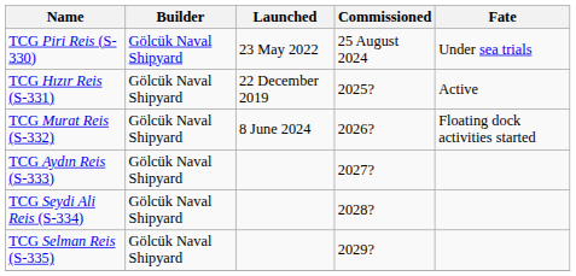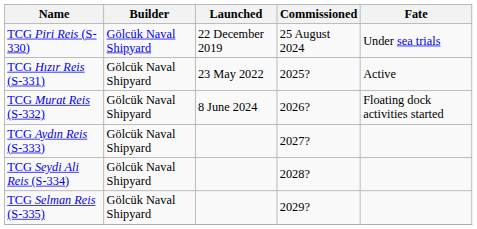 <table class="wikitable">
 <tr>
 <th>Name</th>
 <th>Builder</th>
 <th>Launched</th>
 <th>Commissioned</th>
 <th>Fate</th>
 </tr>
 <tr>
 <td><a href='#'>TCG <em>Piri Reis</em> (S-330)</a></td>
 <td> <a href='#'>Gölcük Naval Shipyard</a></td>
-<td>23 May 2022</td>
+<td>22 December 2019</td>
 <td>25 August 2024</td>
 <td>Under <a href='#'>sea trials</a></td>
 </tr>
 <tr>
 <td><a href='#'>TCG <em>Hızır Reis</em> (S-331)</a></td>
 <td> Gölcük Naval Shipyard</td>
-<td>22 December 2019</td>
+<td>23 May 2022</td>
 <td>2025?</td>
 <td>Active</td>
 </tr>
 <tr>
 <td><a href='#'>TCG <em>Murat Reis</em> (S-332)</a></td>
 <td> Gölcük Naval Shipyard</td>
 <td>8 June 2024</td>
 <td>2026?</td>
 <td>Floating dock activities started</td>
 </tr>
 <tr>
 <td><a href='#'>TCG <em>Aydın Reis</em> (S-333)</a></td>
 <td> Gölcük Naval Shipyard</td>
 <td></td>
 <td>2027?</td>
 <td></td>
 </tr>
 <tr>
 <td><a href='#'>TCG <em>Seydi Ali Reis</em> (S-334)</a></td>
 <td> Gölcük Naval Shipyard</td>
 <td></td>
 <td>2028?</td>
 <td></td>
 </tr>
 <tr>
 <td><a href='#'>TCG <em>Selman Reis</em> (S-335)</a></td>
 <td> Gölcük Naval Shipyard</td>
 <td></td>
 <td>2029?</td>
 <td></td>
 </tr>
 <tr>
 </tr>
 </table>
